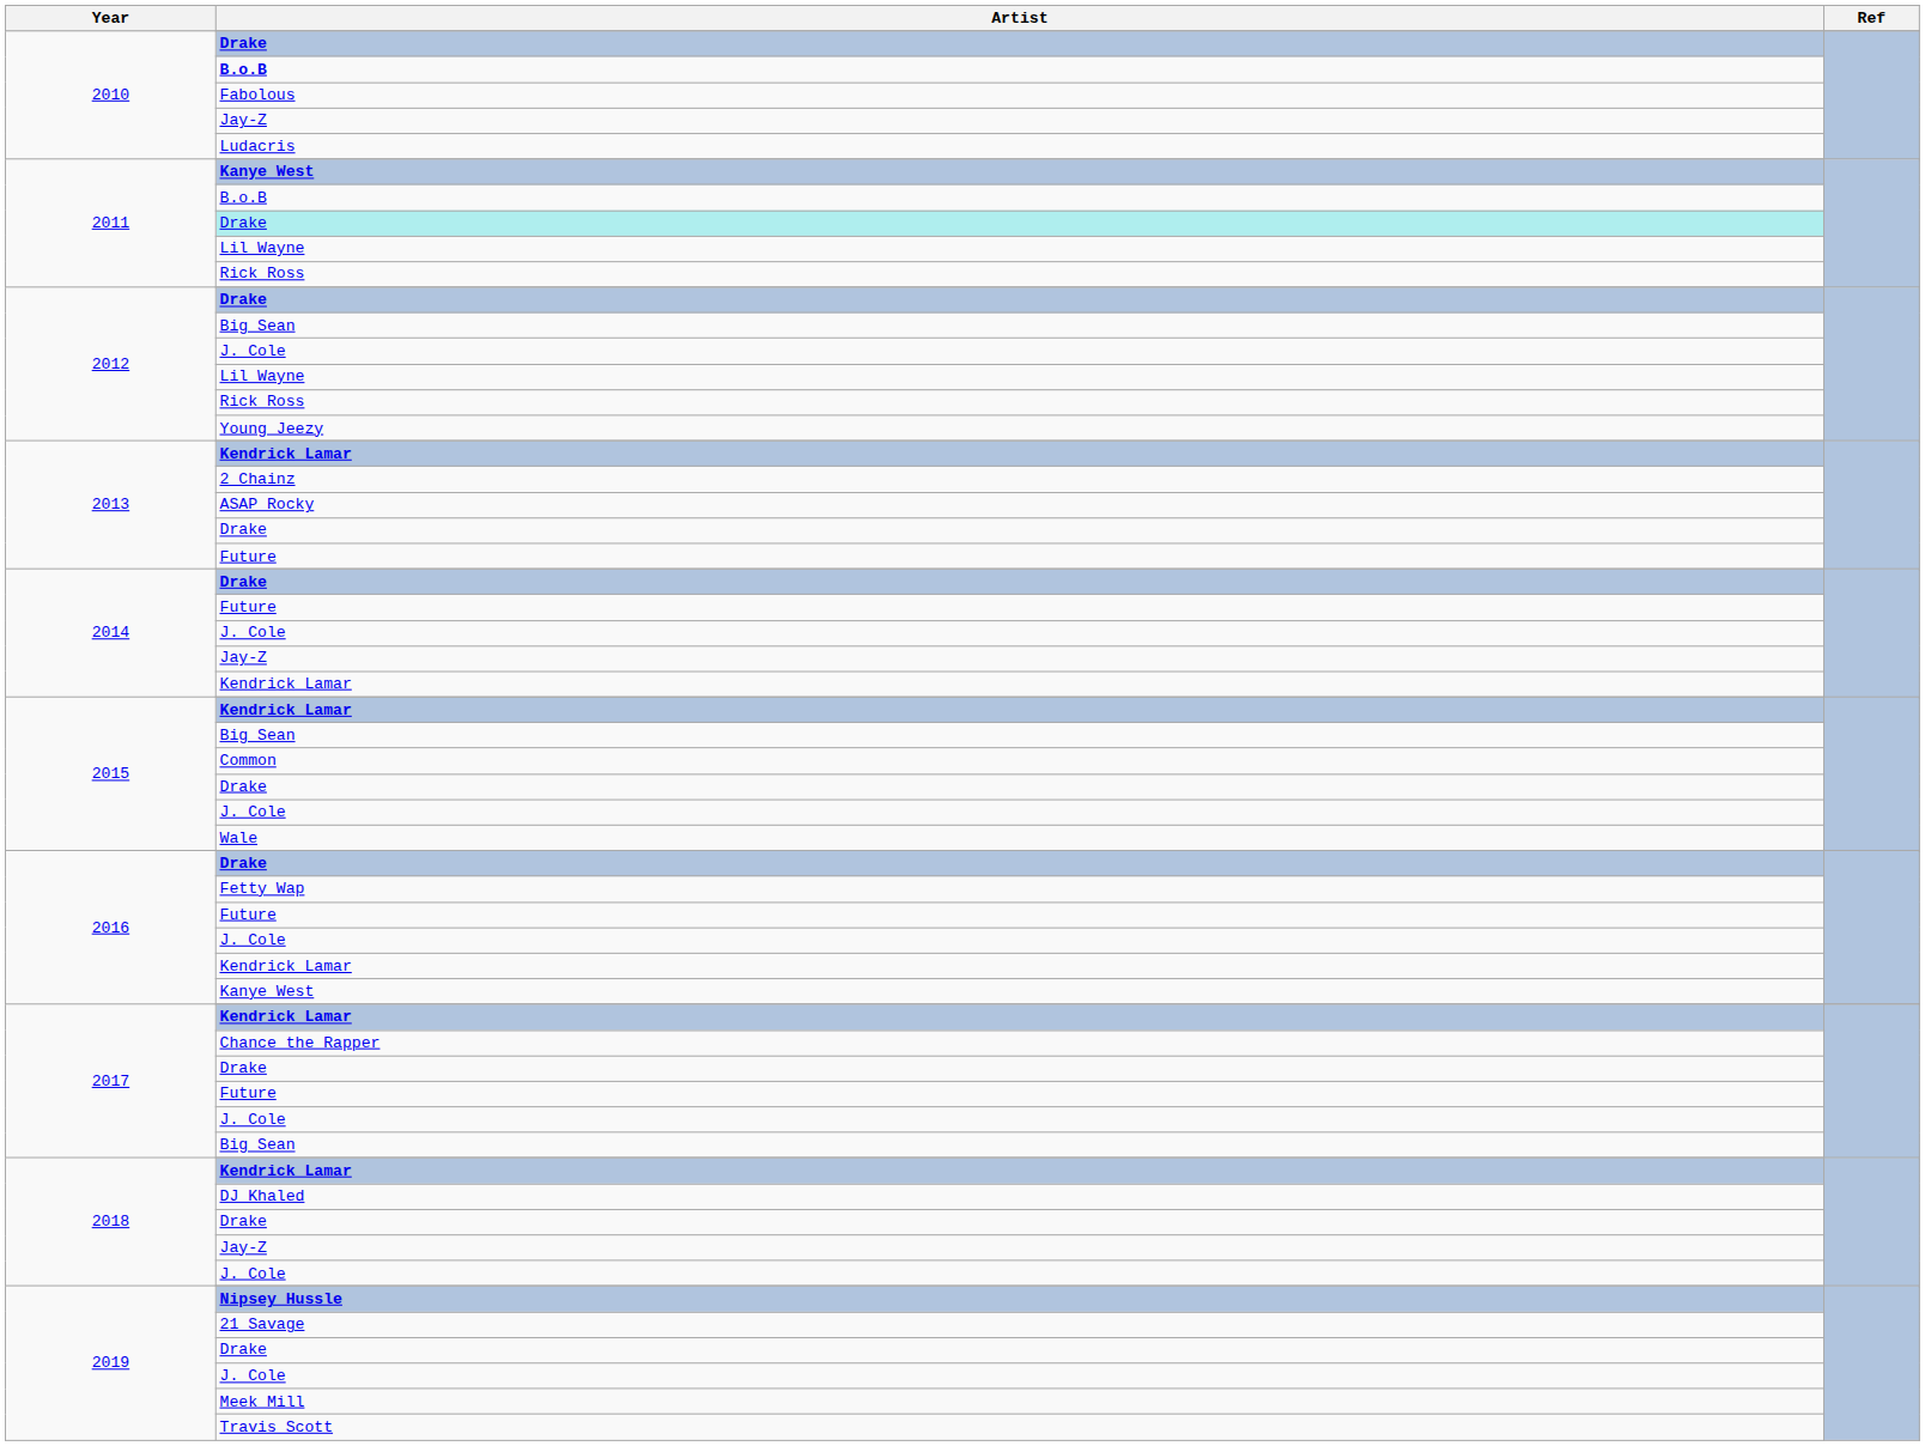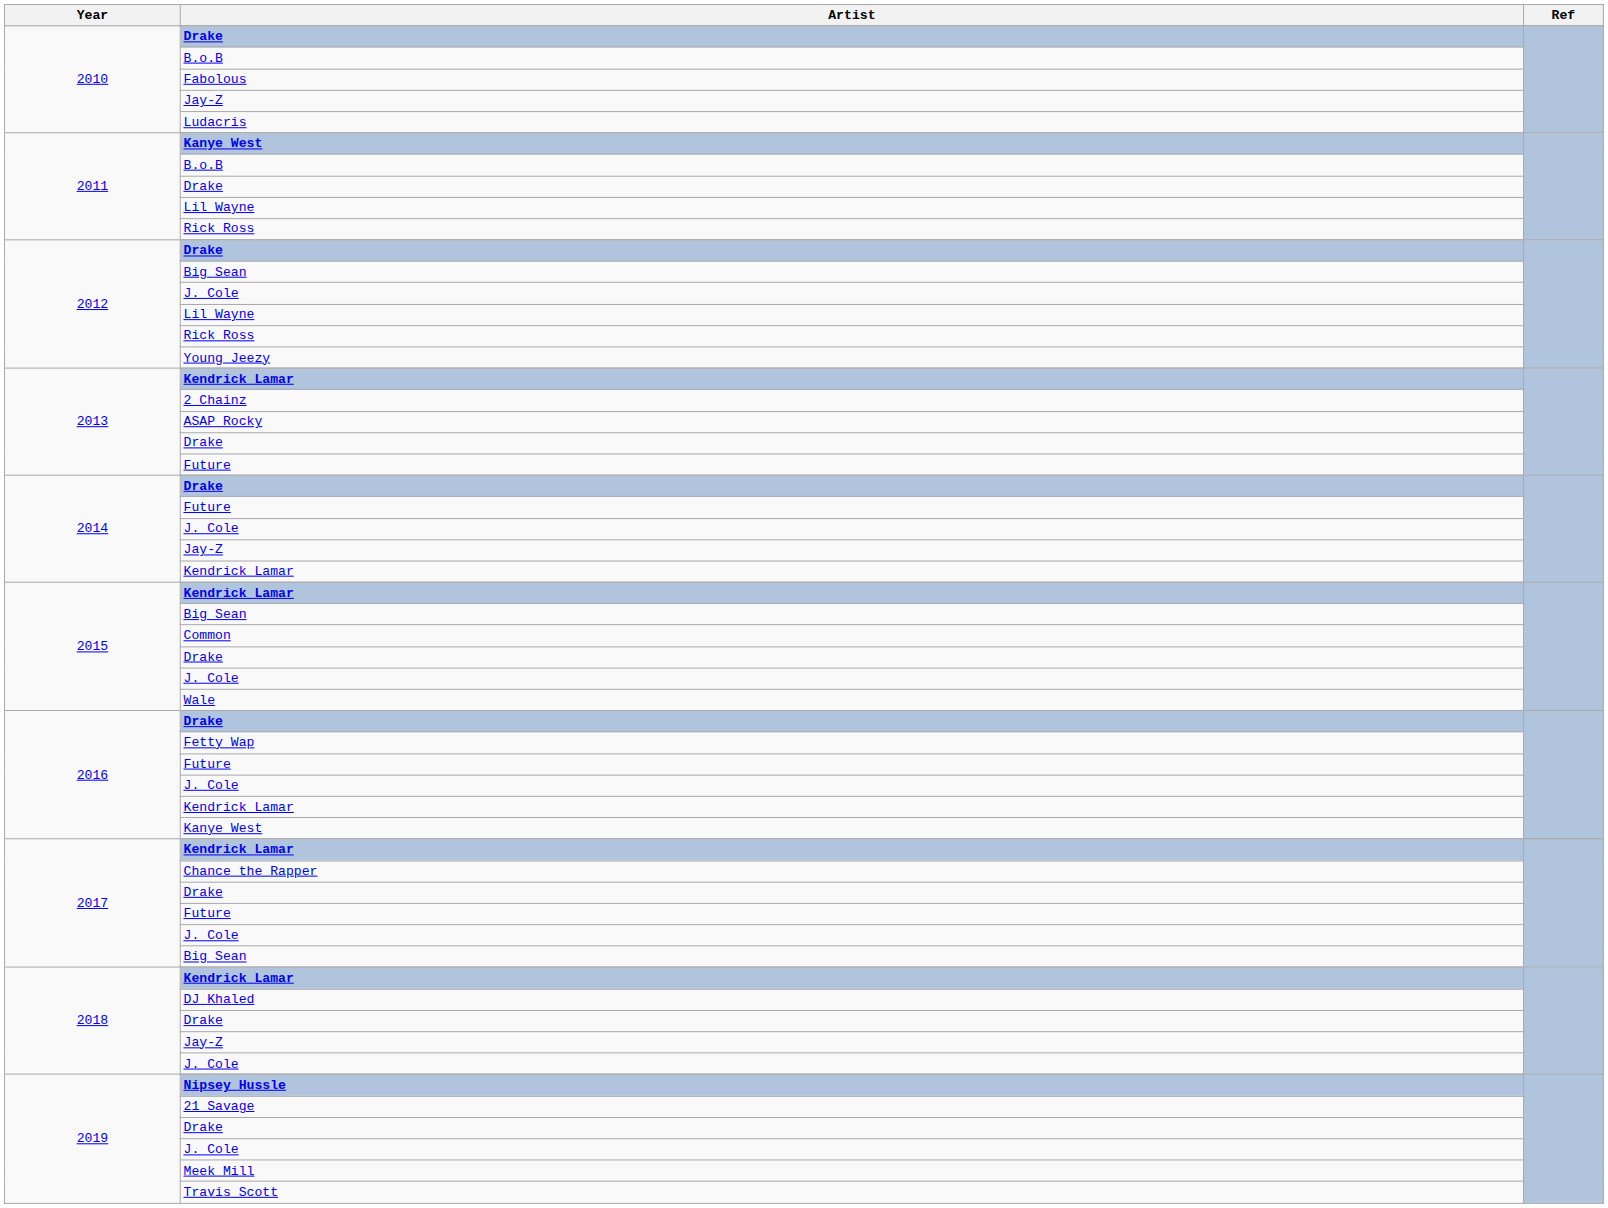 <table class="wikitable" style="width:100%;">
 <tr style="background:#bebebe;">
 <th style="width:11%;">Year</th>
 <th style="width:84%;">Artist</th>
 <th style="width:5%;">Ref</th>
 </tr>
 <tr>
 <td rowspan="6" align="center"><a href='#'>2010</a></td>
 </tr>
 <tr style="background:#B0C4DE">
 <td><strong><a href='#'>Drake</a></strong></td>
 <td rowspan="6" align="center"></td>
 </tr>
 <tr>
-<td><strong><a href='#'>B.o.B</a></strong></td>
+<td><a href='#'>B.o.B</a></td>
 </tr>
 <tr>
 <td><a href='#'>Fabolous</a></td>
 </tr>
 <tr>
 <td><a href='#'>Jay-Z</a></td>
 </tr>
 <tr>
 <td><a href='#'>Ludacris</a></td>
 </tr>
 <tr>
 <td rowspan="6" align="center"><a href='#'>2011</a></td>
 </tr>
 <tr style="background:#B0C4DE">
 <td><strong><a href='#'>Kanye West</a></strong></td>
 <td rowspan="6" align="center"></td>
 </tr>
 <tr>
 <td><a href='#'>B.o.B</a></td>
 </tr>
 <tr>
-<td style="background: paleturquoise;"><a href='#'>Drake</a></td>
+<td><a href='#'>Drake</a></td>
 </tr>
 <tr>
 <td><a href='#'>Lil Wayne</a></td>
 </tr>
 <tr>
 <td><a href='#'>Rick Ross</a></td>
 </tr>
 <tr>
 <td rowspan="7" align="center"><a href='#'>2012</a></td>
 </tr>
 <tr style="background:#B0C4DE">
 <td><strong><a href='#'>Drake</a></strong></td>
 <td rowspan="7" align="center"></td>
 </tr>
 <tr>
 <td><a href='#'>Big Sean</a></td>
 </tr>
 <tr>
 <td><a href='#'>J. Cole</a></td>
 </tr>
 <tr>
 <td><a href='#'>Lil Wayne</a></td>
 </tr>
 <tr>
 <td><a href='#'>Rick Ross</a></td>
 </tr>
 <tr>
 <td><a href='#'>Young Jeezy</a></td>
 </tr>
 <tr>
 <td rowspan="6" align="center"><a href='#'>2013</a></td>
 </tr>
 <tr style="background:#B0C4DE">
 <td><strong><a href='#'>Kendrick Lamar</a></strong></td>
 <td rowspan="6" align="center"></td>
 </tr>
 <tr>
 <td><a href='#'>2 Chainz</a></td>
 </tr>
 <tr>
 <td><a href='#'>ASAP Rocky</a></td>
 </tr>
 <tr>
 <td><a href='#'>Drake</a></td>
 </tr>
 <tr>
 <td><a href='#'>Future</a></td>
 </tr>
 <tr>
 <td rowspan="6" align="center"><a href='#'>2014</a></td>
 </tr>
 <tr style="background:#B0C4DE">
 <td><strong><a href='#'>Drake</a></strong></td>
 <td rowspan="6" align="center"></td>
 </tr>
 <tr>
 <td><a href='#'>Future</a></td>
 </tr>
 <tr>
 <td><a href='#'>J. Cole</a></td>
 </tr>
 <tr>
 <td><a href='#'>Jay-Z</a></td>
 </tr>
 <tr>
 <td><a href='#'>Kendrick Lamar</a></td>
 </tr>
 <tr>
 <td rowspan="7" align="center"><a href='#'>2015</a></td>
 </tr>
 <tr style="background:#B0C4DE">
 <td><strong><a href='#'>Kendrick Lamar</a></strong></td>
 <td rowspan="7" align="center"></td>
 </tr>
 <tr>
 <td><a href='#'>Big Sean</a></td>
 </tr>
 <tr>
 <td><a href='#'>Common</a></td>
 </tr>
 <tr>
 <td><a href='#'>Drake</a></td>
 </tr>
 <tr>
 <td><a href='#'>J. Cole</a></td>
 </tr>
 <tr>
 <td><a href='#'>Wale</a></td>
 </tr>
 <tr>
 <td rowspan="7" align="center"><a href='#'>2016</a></td>
 </tr>
 <tr style="background:#B0C4DE">
 <td><strong><a href='#'>Drake</a></strong></td>
 <td rowspan="6" align="center"></td>
 </tr>
 <tr>
 <td><a href='#'>Fetty Wap</a></td>
 </tr>
 <tr>
 <td><a href='#'>Future</a></td>
 </tr>
 <tr>
 <td><a href='#'>J. Cole</a></td>
 </tr>
 <tr>
 <td><a href='#'>Kendrick Lamar</a></td>
 </tr>
 <tr>
 <td><a href='#'>Kanye West</a></td>
 </tr>
 <tr>
 <td rowspan="7" align="center"><a href='#'>2017</a></td>
 </tr>
 <tr style="background:#B0C4DE">
 <td><strong><a href='#'>Kendrick Lamar</a></strong></td>
 <td rowspan="7" align="center"></td>
 </tr>
 <tr>
 <td><a href='#'>Chance the Rapper</a></td>
 </tr>
 <tr>
 <td><a href='#'>Drake</a></td>
 </tr>
 <tr>
 <td><a href='#'>Future</a></td>
 </tr>
 <tr>
 <td><a href='#'>J. Cole</a></td>
 </tr>
 <tr>
 <td><a href='#'>Big Sean</a></td>
 </tr>
 <tr>
 <td rowspan="6" align="center"><a href='#'>2018</a></td>
 </tr>
 <tr style="background:#B0C4DE">
 <td><strong><a href='#'>Kendrick Lamar</a></strong></td>
 <td rowspan="6" align="center"></td>
 </tr>
 <tr>
 <td><a href='#'>DJ Khaled</a></td>
 </tr>
 <tr>
 <td><a href='#'>Drake</a></td>
 </tr>
 <tr>
 <td><a href='#'>Jay-Z</a></td>
 </tr>
 <tr>
 <td><a href='#'>J. Cole</a></td>
 </tr>
 <tr>
 <td rowspan="7" align="center"><a href='#'>2019</a></td>
 </tr>
 <tr style="background:#B0C4DE">
 <td><strong><a href='#'>Nipsey Hussle</a></strong></td>
 <td rowspan="7" align="center"></td>
 </tr>
 <tr>
 <td><a href='#'>21 Savage</a></td>
 </tr>
 <tr>
 <td><a href='#'>Drake</a></td>
 </tr>
 <tr>
 <td><a href='#'>J. Cole</a></td>
 </tr>
 <tr>
 <td><a href='#'>Meek Mill</a></td>
 </tr>
 <tr>
 <td><a href='#'>Travis Scott</a></td>
 </tr>
 </table>
